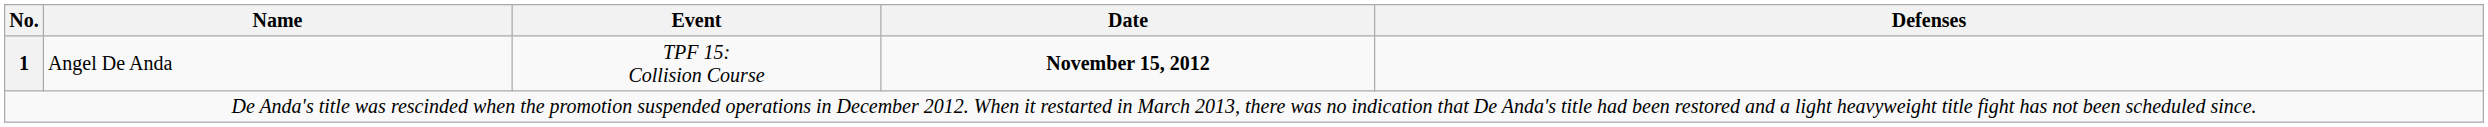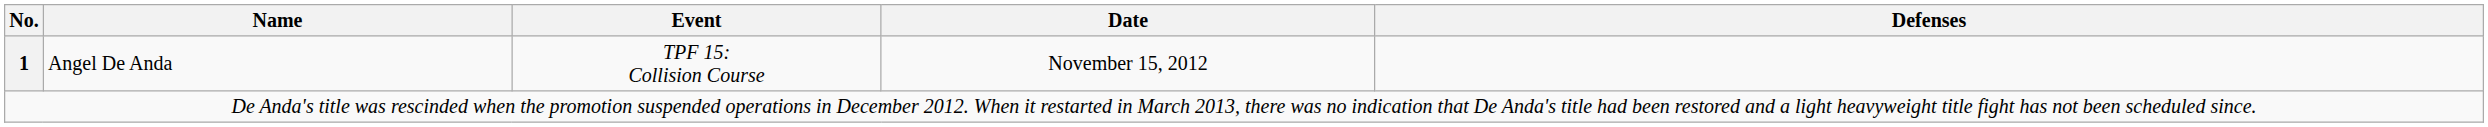 <table class="wikitable" width=100%>
 <tr>
 <th width=1%>No.</th>
 <th width=19%>Name</th>
 <th width=15%>Event</th>
 <th width=20%>Date</th>
 <th width=45%>Defenses</th>
 </tr>
 <tr>
 <th>1</th>
 <td align=left> Angel De Anda<br></td>
 <td align=center><em>TPF 15: </em><br><em>Collision Course</em><br></td>
-<td align=center><strong>November 15, 2012</strong></td>
+<td align=center>November 15, 2012</td>
 </tr>
 <tr>
 <td align="center" colspan="5"><em>De Anda's title was rescinded when the promotion suspended operations in December 2012. When it restarted in March 2013, there was no indication that De Anda's title had been restored and a light heavyweight title fight has not been scheduled since.</em></td>
 </tr>
 </table>
